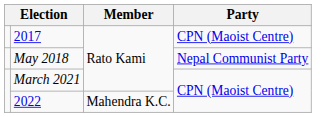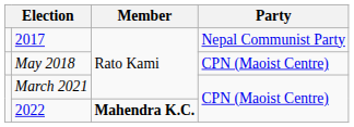 <table class="wikitable">
 <tr>
 <th colspan="2">Election</th>
 <th>Member</th>
 <th>Party</th>
 </tr>
 <tr>
 <td style="color:inherit;background:"></td>
 <td><a href='#'>2017</a></td>
 <td rowspan="3">Rato Kami</td>
-<td><a href='#'>CPN (Maoist Centre)</a></td>
+<td><a href='#'>Nepal Communist Party</a></td>
 </tr>
 <tr>
 <td style="color:inherit;background:"></td>
 <td><em>May 2018</em></td>
-<td><a href='#'>Nepal Communist Party</a></td>
+<td><a href='#'>CPN (Maoist Centre)</a></td>
 </tr>
 <tr>
 <td rowspan="2" style="color:inherit;background:"></td>
 <td><em>March 2021</em></td>
 <td rowspan="2"><a href='#'>CPN (Maoist Centre)</a></td>
 </tr>
 <tr>
 <td><a href='#'>2022</a></td>
-<td>Mahendra K.C.</td>
+<td><strong>Mahendra K.C.</strong></td>
 </tr>
 </table>
